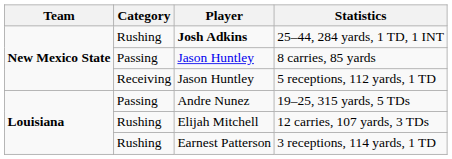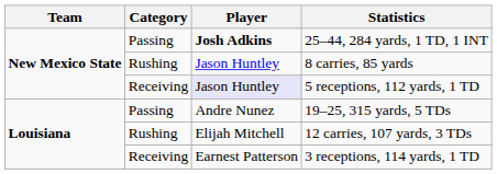 <table class="wikitable" style="float: left;">
 <tr>
 <th>Team</th>
 <th>Category</th>
 <th>Player</th>
 <th>Statistics</th>
 </tr>
 <tr>
 <td rowspan=3><strong>New Mexico State</strong></td>
-<td>Rushing</td>
+<td>Passing</td>
 <td><strong>Josh Adkins</strong></td>
 <td>25–44, 284 yards, 1 TD, 1 INT</td>
 </tr>
 <tr>
-<td>Passing</td>
+<td>Rushing</td>
 <td><a href='#'>Jason Huntley</a></td>
 <td>8 carries, 85 yards</td>
 </tr>
 <tr>
 <td>Receiving</td>
-<td>Jason Huntley</td>
+<td style="background: lavender;">Jason Huntley</td>
 <td>5 receptions, 112 yards, 1 TD</td>
 </tr>
 <tr>
 <td rowspan=3><strong>Louisiana</strong></td>
 <td>Passing</td>
 <td>Andre Nunez</td>
 <td>19–25, 315 yards, 5 TDs</td>
 </tr>
 <tr>
 <td>Rushing</td>
 <td>Elijah Mitchell</td>
 <td>12 carries, 107 yards, 3 TDs</td>
 </tr>
 <tr>
-<td>Rushing</td>
+<td>Receiving</td>
 <td>Earnest Patterson</td>
 <td>3 receptions, 114 yards, 1 TD</td>
 </tr>
 </table>
